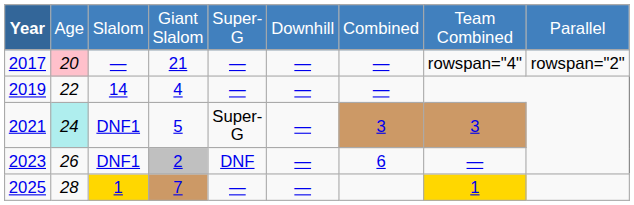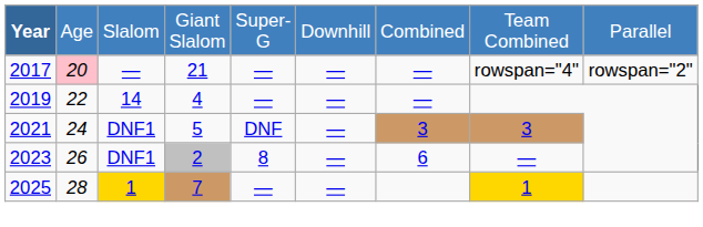 <table class="wikitable" style="font-size:95%; text-align:center; border:grey solid 1px; border-collapse:collapse;" width="45%">
 <tr style="background-color:#369; color:white;">
 <td rowspan="2" colspan="1" width="4%"><strong>Year</strong></td>
 </tr>
 <tr style="background-color:#4180be; color:white;">
 <td width="3%">Age</td>
 <td width="5%">Slalom</td>
 <td width="5%">Giant<br>Slalom</td>
 <td width="5%">Super-G</td>
 <td width="5%">Downhill</td>
 <td width="5%">Combined</td>
 <td width="5%">Team<br>Combined</td>
 <td width="5%">Parallel</td>
 </tr>
 <tr style="background-color:#8CB2D8; color:white;">
 </tr>
 <tr>
 <td><a href='#'>2017</a></td>
 <td style="background: pink;"><em>20</em></td>
 <td><a href='#'>—</a></td>
 <td><a href='#'>21</a></td>
 <td><a href='#'>—</a></td>
 <td><a href='#'>—</a></td>
 <td><a href='#'>—</a></td>
 <td>rowspan="4" </td>
 <td>rowspan="2" </td>
 </tr>
 <tr>
 <td><a href='#'>2019</a></td>
 <td><em>22</em></td>
 <td><a href='#'>14</a></td>
 <td><a href='#'>4</a></td>
 <td><a href='#'>—</a></td>
 <td><a href='#'>—</a></td>
 <td><a href='#'>—</a></td>
 </tr>
 <tr>
 <td><a href='#'>2021</a></td>
-<td style="background: paleturquoise;"><em>24</em></td>
+<td><em>24</em></td>
 <td><a href='#'>DNF1</a></td>
 <td><a href='#'>5</a></td>
-<td width="5%">Super-G</td>
+<td><a href='#'>DNF</a></td>
 <td><a href='#'>—</a></td>
 <td style="background:#c96;"><a href='#'>3</a></td>
 <td style="background:#c96;"><a href='#'>3</a></td>
 </tr>
 <tr>
 <td><a href='#'>2023</a></td>
 <td><em>26</em></td>
 <td><a href='#'>DNF1</a></td>
 <td style="background:silver;"><a href='#'>2</a></td>
-<td><a href='#'>DNF</a></td>
+<td><a href='#'>8</a></td>
 <td><a href='#'>—</a></td>
 <td><a href='#'>6</a></td>
 <td><a href='#'>—</a></td>
 </tr>
 <tr>
 <td><a href='#'>2025</a></td>
 <td><em>28</em></td>
 <td style="background:gold;"><a href='#'>1</a></td>
 <td style="background:#c96;"><a href='#'>7</a></td>
 <td><a href='#'>—</a></td>
 <td><a href='#'>—</a></td>
 <td></td>
 <td style="background:gold;"><a href='#'>1</a></td>
 <td></td>
 </tr>
 </table>
